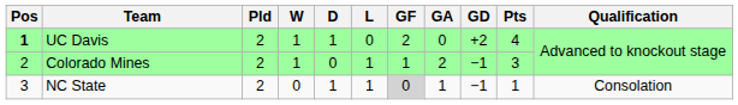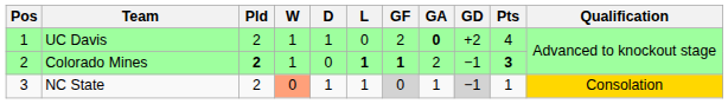 <table class="wikitable" style="text-align:center; margin: 1em auto">
 <tr>
 <th style="width:2em">Pos</th>
 <th style="width:13em">Team</th>
 <th style="width:2em">Pld</th>
 <th style="width:2em">W</th>
 <th style="width:2em">D</th>
 <th style="width:2em">L</th>
 <th style="width:2em">GF</th>
 <th style="width:2em">GA</th>
 <th style="width:2em">GD</th>
 <th style="width:2em">Pts</th>
 <th style="width:13em">Qualification</th>
 </tr>
 <tr bgcolor="#9eff9e">
-<td><strong>1</strong></td>
+<td>1</td>
 <td style="text-align:left">UC Davis</td>
 <td>2</td>
 <td>1</td>
 <td>1</td>
 <td>0</td>
 <td>2</td>
-<td>0</td>
+<td><strong>0</strong></td>
 <td>+2</td>
 <td>4</td>
 <td rowspan="2">Advanced to knockout stage</td>
 </tr>
 <tr bgcolor="#9eff9e">
 <td>2</td>
 <td style="text-align:left">Colorado Mines</td>
-<td>2</td>
+<td><strong>2</strong></td>
 <td>1</td>
 <td>0</td>
-<td>1</td>
-<td>1</td>
+<td><strong>1</strong></td>
+<td><strong>1</strong></td>
 <td>2</td>
 <td>−1</td>
-<td>3</td>
+<td><strong>3</strong></td>
 </tr>
 <tr>
 <td>3</td>
 <td style="text-align:left">NC State</td>
 <td>2</td>
-<td>0</td>
+<td style="background: lightsalmon;">0</td>
 <td>1</td>
 <td>1</td>
 <td style="background: lightgrey;">0</td>
 <td>1</td>
-<td>−1</td>
+<td style="background: lightgrey;">−1</td>
 <td>1</td>
-<td>Consolation</td>
+<td style="background: gold;">Consolation</td>
 </tr>
 </table>
